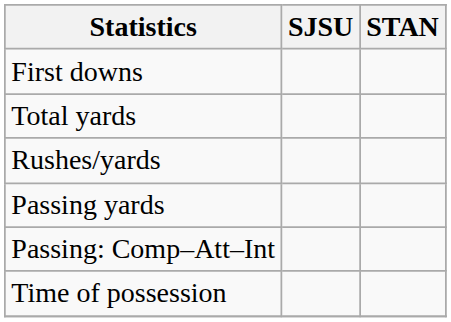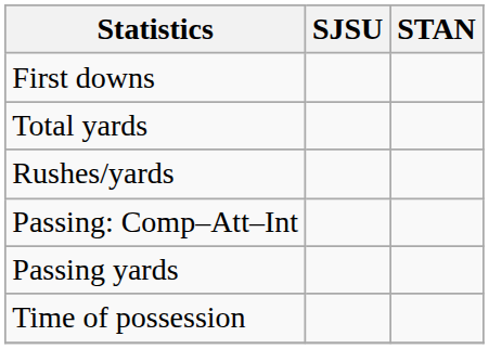 <table class="wikitable" style="float: left;">
 <tr>
 <th>Statistics</th>
 <th>SJSU</th>
 <th>STAN</th>
 </tr>
 <tr>
 <td>First downs</td>
 <td></td>
 <td></td>
 </tr>
 <tr>
 <td>Total yards</td>
 <td></td>
 <td></td>
 </tr>
 <tr>
 <td>Rushes/yards</td>
 <td></td>
 <td></td>
 </tr>
 <tr>
-<td>Passing yards</td>
+<td>Passing: Comp–Att–Int</td>
 <td></td>
 <td></td>
 </tr>
 <tr>
-<td>Passing: Comp–Att–Int</td>
+<td>Passing yards</td>
 <td></td>
 <td></td>
 </tr>
 <tr>
 <td>Time of possession</td>
 <td></td>
 <td></td>
 </tr>
 <tr>
 </tr>
 </table>
